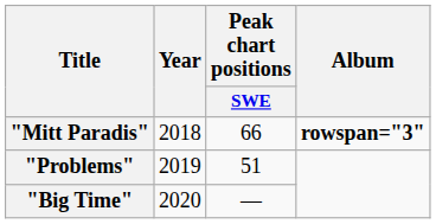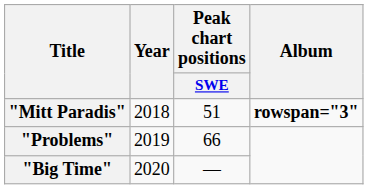 <table class="wikitable plainrowheaders" style="text-align:center;">
 <tr>
 <th scope="col" rowspan="2">Title</th>
 <th scope="col" rowspan="2">Year</th>
 <th scope="col" colspan="1">Peak chart positions</th>
 <th scope="col" rowspan="2">Album</th>
 </tr>
 <tr>
 <th scope="col" style="width:3em;font-size:85%;"><a href='#'>SWE</a><br></th>
 </tr>
 <tr>
 <th scope="row">"Mitt Paradis"</th>
 <td>2018</td>
-<td>66</td>
+<td>51</td>
 <td><strong>rowspan="3" </strong></td>
 </tr>
 <tr>
 <th scope="row">"Problems"<br></th>
 <td>2019</td>
-<td>51</td>
+<td>66</td>
 </tr>
 <tr>
 <th scope="row">"Big Time"<br></th>
 <td>2020</td>
 <td>—</td>
 </tr>
 </table>
